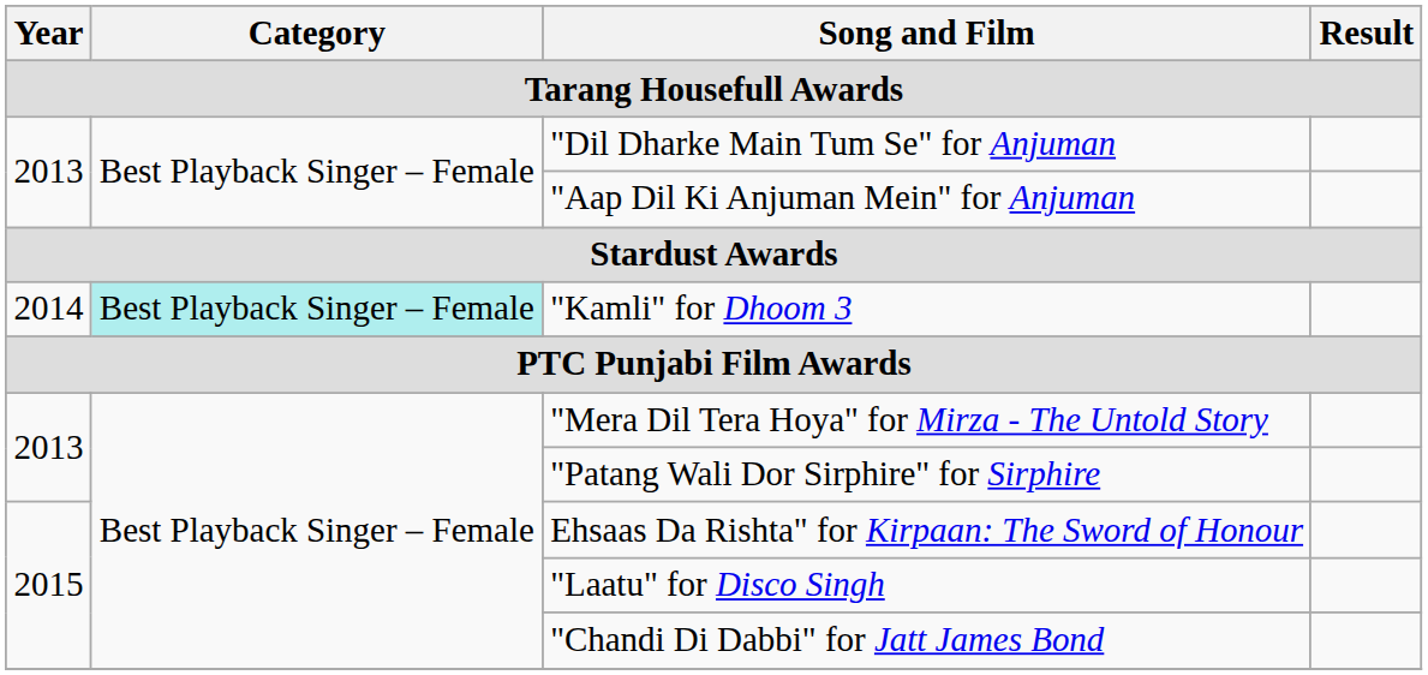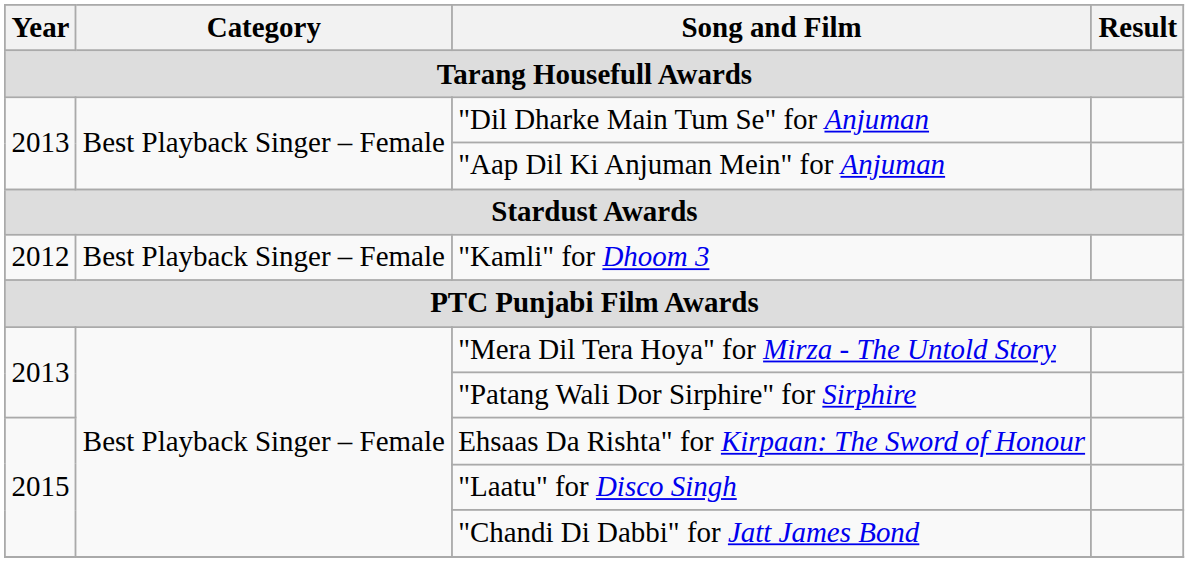 <table class="wikitable sortable">
 <tr>
 <th>Year</th>
 <th>Category</th>
 <th>Song and Film</th>
 <th>Result</th>
 </tr>
 <tr style="background:#ddd; ">
 <td colspan="5" style="text-align: center; "><strong>Tarang Housefull Awards</strong></td>
 </tr>
 <tr>
 <td rowspan=2>2013</td>
 <td rowspan="2">Best Playback Singer – Female</td>
 <td>"Dil Dharke Main Tum Se" for <em><a href='#'>Anjuman</a></em></td>
 <td></td>
 </tr>
 <tr>
 <td>"Aap Dil Ki Anjuman Mein" for <em><a href='#'>Anjuman</a></em></td>
 <td></td>
 </tr>
 <tr style="background:#ddd; ">
 <td colspan="5" style="text-align: center; "><strong>Stardust Awards</strong></td>
 </tr>
 <tr>
-<td>2014</td>
-<td style="background: paleturquoise;">Best Playback Singer – Female</td>
+<td>2012</td>
+<td>Best Playback Singer – Female</td>
 <td>"Kamli" for <em><a href='#'>Dhoom 3</a></em></td>
 <td></td>
 </tr>
 <tr style="background:#ddd; ">
 <td colspan="5" style="text-align: center; "><strong>PTC Punjabi Film Awards</strong></td>
 </tr>
 <tr>
 <td rowspan=2>2013</td>
 <td rowspan="5">Best Playback Singer – Female</td>
 <td>"Mera Dil Tera Hoya" for <em><a href='#'>Mirza - The Untold Story</a></em></td>
 <td></td>
 </tr>
 <tr>
 <td>"Patang Wali Dor Sirphire" for <em><a href='#'>Sirphire</a></em></td>
 <td></td>
 </tr>
 <tr>
 <td rowspan=3>2015</td>
 <td>Ehsaas Da Rishta" for <em><a href='#'>Kirpaan: The Sword of Honour</a></em></td>
 <td></td>
 </tr>
 <tr>
 <td>"Laatu" for <em><a href='#'>Disco Singh</a></em></td>
 <td></td>
 </tr>
 <tr>
 <td>"Chandi Di Dabbi" for <em><a href='#'>Jatt James Bond</a></em></td>
 <td></td>
 </tr>
 <tr>
 </tr>
 </table>
